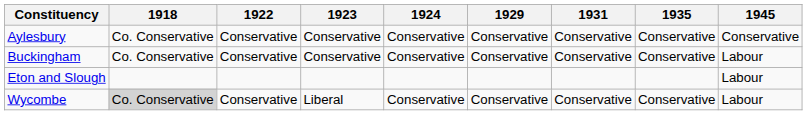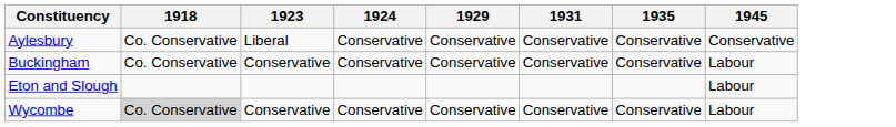 <table class="wikitable">
 <tr>
 <th>Constituency</th>
 <th>1918</th>
-<th>1922</th>
 <th>1923</th>
 <th>1924</th>
 <th>1929</th>
 <th>1931</th>
 <th>1935</th>
 <th>1945</th>
 </tr>
 <tr>
 <td><a href='#'>Aylesbury</a></td>
 <td bgcolor=>Co. Conservative</td>
-<td bgcolor=>Conservative</td>
-<td bgcolor=>Conservative</td>
+<td bgcolor=>Liberal</td>
 <td bgcolor=>Conservative</td>
 <td bgcolor=>Conservative</td>
 <td bgcolor=>Conservative</td>
 <td bgcolor=>Conservative</td>
 <td bgcolor=>Conservative</td>
 </tr>
 <tr>
 <td><a href='#'>Buckingham</a></td>
 <td bgcolor=>Co. Conservative</td>
-<td bgcolor=>Conservative</td>
 <td bgcolor=>Conservative</td>
 <td bgcolor=>Conservative</td>
 <td bgcolor=>Conservative</td>
 <td bgcolor=>Conservative</td>
 <td bgcolor=>Conservative</td>
 <td bgcolor=>Labour</td>
 </tr>
 <tr>
 <td><a href='#'>Eton and Slough</a></td>
 <td></td>
 <td></td>
 <td></td>
 <td></td>
 <td></td>
 <td></td>
-<td></td>
 <td bgcolor=>Labour</td>
 </tr>
 <tr>
 <td><a href='#'>Wycombe</a></td>
 <td style="background: lightgrey;">Co. Conservative</td>
-<td>Conservative</td>
-<td>Liberal</td>
+<td bgcolor=>Conservative</td>
 <td>Conservative</td>
 <td>Conservative</td>
 <td>Conservative</td>
 <td>Conservative</td>
 <td bgcolor=>Labour</td>
 </tr>
 </table>
